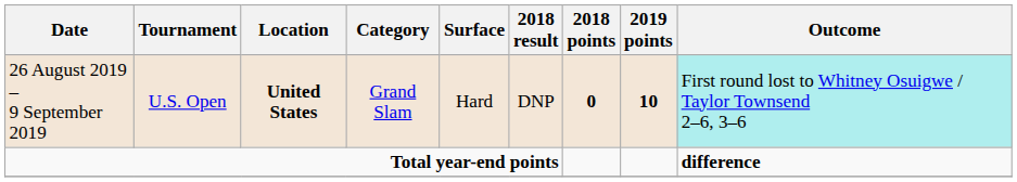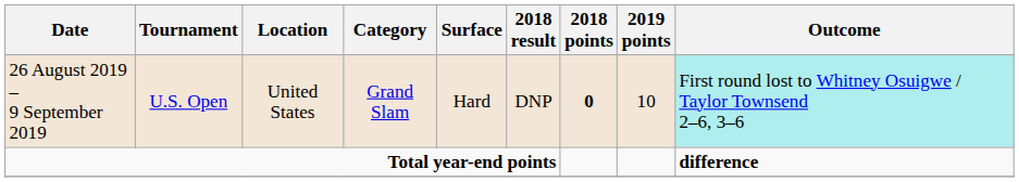 <table class="wikitable">
 <tr>
 <th>Date</th>
 <th>Tournament</th>
 <th>Location</th>
 <th>Category</th>
 <th>Surface</th>
 <th>2018<br>result</th>
 <th>2018<br>points</th>
 <th>2019<br>points</th>
 <th>Outcome</th>
 </tr>
 <tr style="background:#F3E6D7">
 <td>26 August 2019 –<br>9 September 2019</td>
 <td align=center><a href='#'>U.S. Open</a></td>
-<td align=center><strong>United States</strong></td>
+<td align=center>United States</td>
 <td align=center><a href='#'>Grand Slam</a></td>
 <td align=center>Hard</td>
 <td align=center>DNP</td>
 <td align=center><strong>0</strong></td>
-<td align=center><strong>10</strong></td>
+<td align=center>10</td>
 <td style="background:#afeeee">First round lost to  <a href='#'>Whitney Osuigwe</a> /  <a href='#'>Taylor Townsend</a><br>2–6, 3–6</td>
 </tr>
 <tr>
 <td colspan=6 align=right><strong>Total year-end points</strong></td>
 <td align=center></td>
 <td align=center></td>
 <td>  <strong>difference</strong></td>
 </tr>
 <tr>
 </tr>
 </table>
